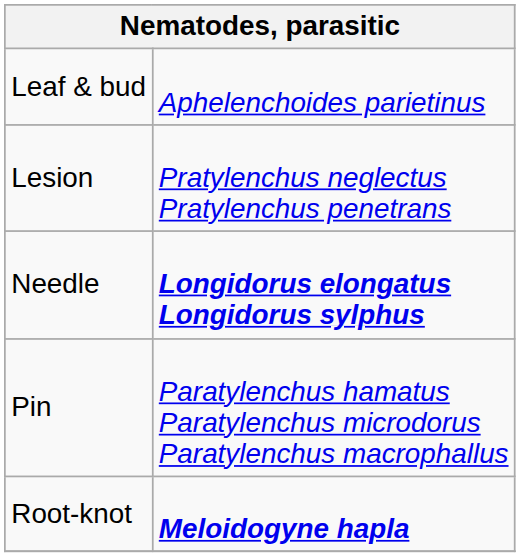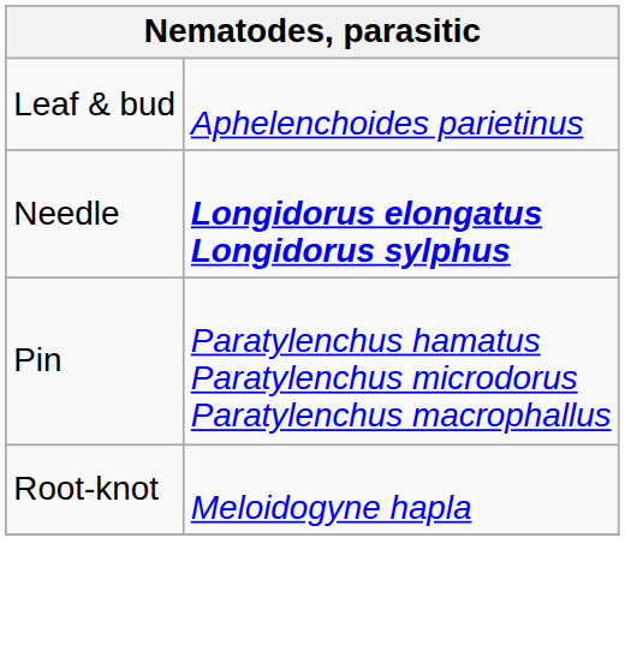 <table class="wikitable" style="clear">
 <tr>
 <th colspan=2>Nematodes, parasitic<br></th>
 </tr>
 <tr>
 <td>Leaf & bud</td>
 <td><br><em><a href='#'>Aphelenchoides parietinus</a></em></td>
-</tr>
-<tr>
-<td>Lesion</td>
-<td><br><em><a href='#'>Pratylenchus neglectus</a></em><br> <em><a href='#'>Pratylenchus penetrans</a></em></td>
 </tr>
 <tr>
 <td>Needle</td>
 <td><strong><br><em><a href='#'>Longidorus elongatus</a></em><br> <em><a href='#'>Longidorus sylphus</a></em></strong></td>
 </tr>
 <tr>
 <td>Pin</td>
 <td><br><em><a href='#'>Paratylenchus hamatus</a></em><br> <em><a href='#'>Paratylenchus microdorus</a></em> <br>  <em><a href='#'>Paratylenchus macrophallus</a></em></td>
 </tr>
 <tr>
 <td>Root-knot</td>
-<td><strong><br><em><a href='#'>Meloidogyne hapla</a></em></strong></td>
+<td><br><em><a href='#'>Meloidogyne hapla</a></em></td>
 </tr>
 <tr>
 </tr>
 </table>
